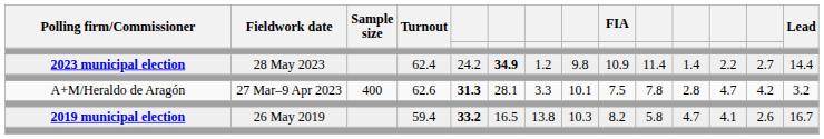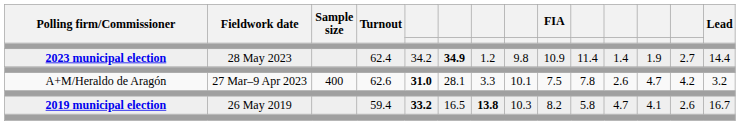 <table class="wikitable collapsible collapsed" style="text-align:center; font-size:95%; line-height:16px;">
 <tr style="height:42px;">
 <th style="width:250px;" rowspan="2">Polling firm/Commissioner</th>
 <th style="width:125px;" rowspan="2">Fieldwork date</th>
 <th style="width:50px;" rowspan="2">Sample size</th>
 <th style="width:45px;" rowspan="2">Turnout</th>
 <th style="width:35px;"></th>
 <th style="width:35px;"></th>
 <th style="width:35px;"></th>
 <th style="width:35px;"></th>
 <th style="width:35px;">FIA</th>
 <th style="width:35px;"></th>
 <th style="width:35px;"></th>
 <th style="width:35px;"></th>
 <th style="width:35px;"></th>
 <th style="width:30px;" rowspan="2">Lead</th>
 </tr>
 <tr>
 <th style="color:inherit;background:"></th>
 <th style="color:inherit;background:"></th>
 <th style="color:inherit;background:"></th>
 <th style="color:inherit;background:"></th>
 <th style="color:inherit;background:"></th>
 <th style="color:inherit;background:"></th>
 <th style="color:inherit;background:"></th>
 <th style="color:inherit;background:"></th>
 <th style="color:inherit;background:"></th>
 </tr>
 <tr>
 <td colspan="14" style="background:#A0A0A0"></td>
 </tr>
 <tr style="background:#EFEFEF;">
 <td><strong><a href='#'>2023 municipal election</a></strong></td>
 <td>28 May 2023</td>
 <td></td>
 <td>62.4</td>
-<td>24.2<br></td>
+<td>34.2<br></td>
 <td><strong>34.9</strong><br></td>
 <td>1.2<br></td>
 <td>9.8<br></td>
 <td>10.9<br></td>
 <td>11.4<br></td>
 <td>1.4<br></td>
-<td>2.2<br></td>
+<td>1.9<br></td>
 <td>2.7<br></td>
 <td style="background:">14.4</td>
 </tr>
 <tr>
 <td colspan="14" style="background:#A0A0A0"></td>
 </tr>
 <tr>
 <td>A+M/Heraldo de Aragón</td>
 <td>27 Mar–9 Apr 2023</td>
 <td>400</td>
 <td>62.6</td>
-<td><strong>31.3</strong><br></td>
+<td><strong>31.0</strong><br></td>
 <td>28.1<br></td>
 <td>3.3<br></td>
 <td>10.1<br></td>
 <td>7.5<br></td>
 <td>7.8<br></td>
-<td>2.8<br></td>
+<td>2.6<br></td>
 <td>4.7<br></td>
 <td>4.2<br></td>
 <td style="background:">3.2</td>
 </tr>
 <tr>
 <td colspan="14" style="background:#A0A0A0"></td>
 </tr>
 <tr style="background:#EFEFEF;">
 <td><strong><a href='#'>2019 municipal election</a></strong></td>
 <td>26 May 2019</td>
 <td></td>
 <td>59.4</td>
 <td><strong>33.2</strong><br></td>
 <td>16.5<br></td>
-<td>13.8<br></td>
+<td><strong>13.8<br></strong></td>
 <td>10.3<br></td>
 <td>8.2<br></td>
 <td>5.8<br></td>
 <td>4.7<br></td>
 <td>4.1<br></td>
 <td>2.6<br></td>
 <td style="background:">16.7</td>
 </tr>
 <tr>
 <td colspan="14" style="background:#A0A0A0"></td>
 </tr>
 </table>
